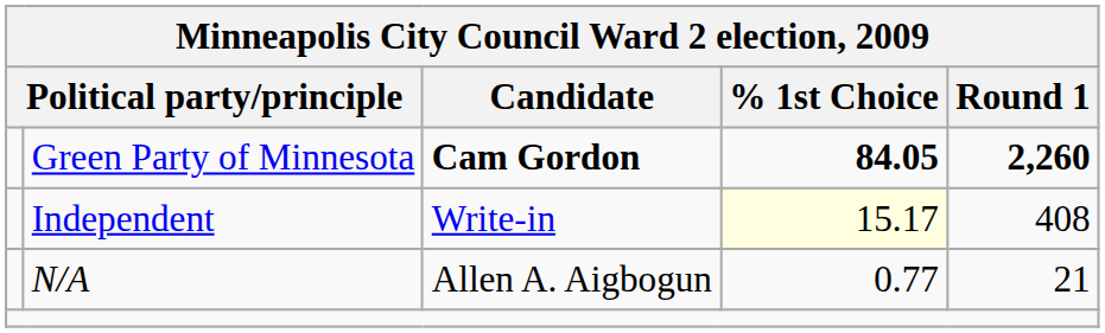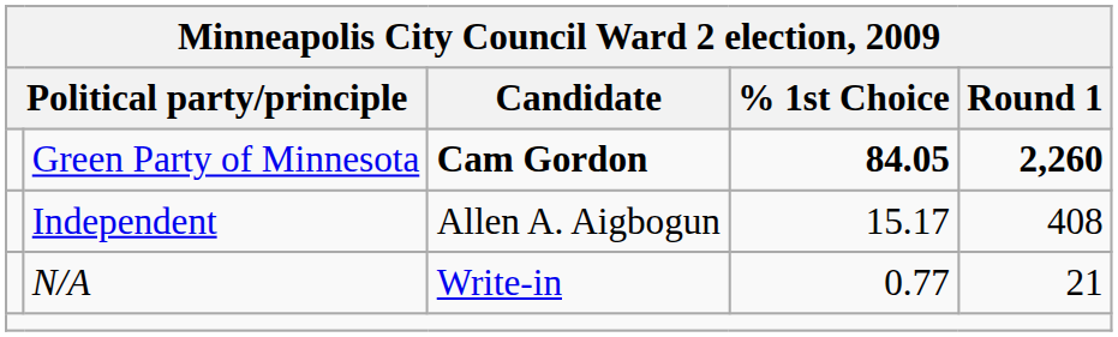 <table class="wikitable" style="font-size:95%">
 <tr>
 <th colspan="5">Minneapolis City Council Ward 2 election, 2009</th>
 </tr>
 <tr>
 <th colspan="2">Political party/principle</th>
 <th>Candidate</th>
 <th>% 1st Choice</th>
 <th>Round 1</th>
 </tr>
 <tr>
 <td style="background-color:"></td>
 <td><a href='#'>Green Party of Minnesota</a></td>
 <td><strong>Cam Gordon</strong></td>
 <td align="right"><strong>84.05</strong></td>
 <td align="right"><strong>2,260</strong></td>
 </tr>
 <tr>
 <td style="background-color:"></td>
 <td><a href='#'>Independent</a></td>
-<td><a href='#'>Write-in</a></td>
-<td align="right" style="background: lightyellow;">15.17</td>
+<td>Allen A. Aigbogun</td>
+<td align="right">15.17</td>
 <td align="right">408</td>
 </tr>
 <tr>
 <td style="background-color:"></td>
 <td><em>N/A</em></td>
-<td>Allen A. Aigbogun</td>
+<td><a href='#'>Write-in</a></td>
 <td align="right">0.77</td>
 <td align="right">21</td>
 </tr>
 <tr>
 <td colspan="5"></td>
 </tr>
 </table>
